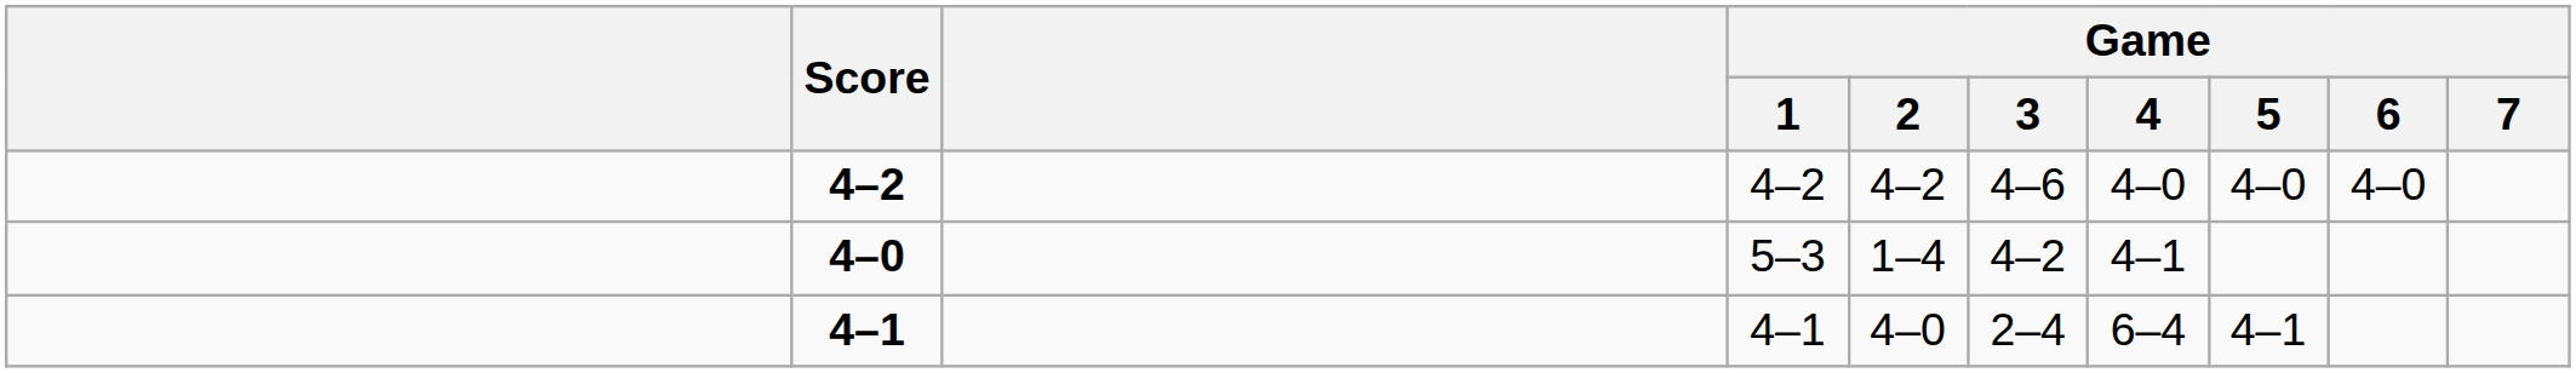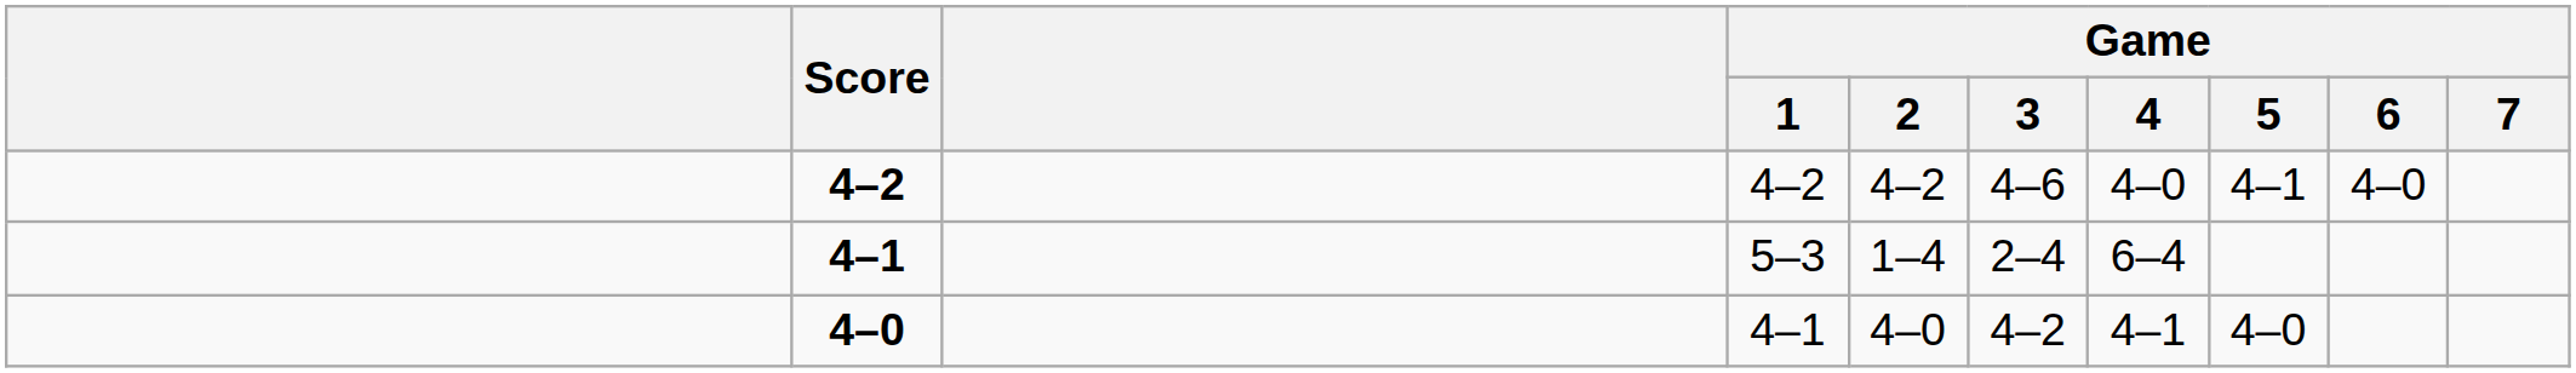 <table class="wikitable" style="text-align: center;">
 <tr>
 <th rowspan=2 align="right" width="270"></th>
 <th rowspan=2 width="45">Score</th>
 <th rowspan=2 align="left" width="270"></th>
 <th colspan=7>Game</th>
 </tr>
 <tr>
 <th width="35">1</th>
 <th width="35">2</th>
 <th width="35">3</th>
 <th width="35">4</th>
 <th width="35">5</th>
 <th width="35">6</th>
 <th width="35">7</th>
 </tr>
 <tr>
 <td align=left><strong></strong></td>
 <td align=center><strong>4–2</strong></td>
 <td align=left></td>
 <td>4–2</td>
 <td>4–2</td>
 <td>4–6</td>
 <td>4–0</td>
+<td>4–1</td>
 <td>4–0</td>
-<td>4–0</td>
+<td></td>
+</tr>
+<tr>
+<td align=left><strong></strong></td>
+<td align=center><strong>4–1</strong></td>
+<td align=left></td>
+<td>5–3</td>
+<td>1–4</td>
+<td>2–4</td>
+<td>6–4</td>
+<td></td>
+<td></td>
 <td></td>
 </tr>
 <tr>
 <td align=left><strong></strong></td>
 <td align=center><strong>4–0</strong></td>
 <td align=left></td>
-<td>5–3</td>
-<td>1–4</td>
+<td>4–1</td>
+<td>4–0</td>
 <td>4–2</td>
 <td>4–1</td>
-<td></td>
-<td></td>
-<td></td>
-</tr>
-<tr>
-<td align=left><strong></strong></td>
-<td align=center><strong>4–1</strong></td>
-<td align=left></td>
-<td>4–1</td>
 <td>4–0</td>
-<td>2–4</td>
-<td>6–4</td>
-<td>4–1</td>
 <td></td>
 <td></td>
 </tr>
 </table>
